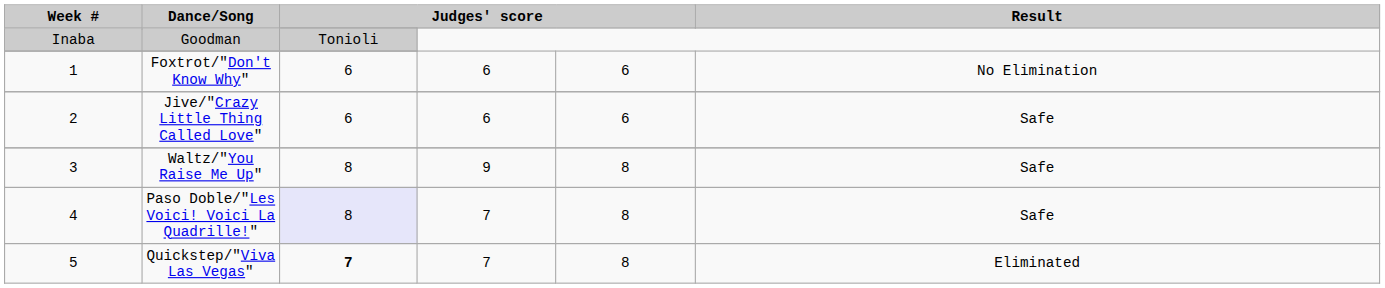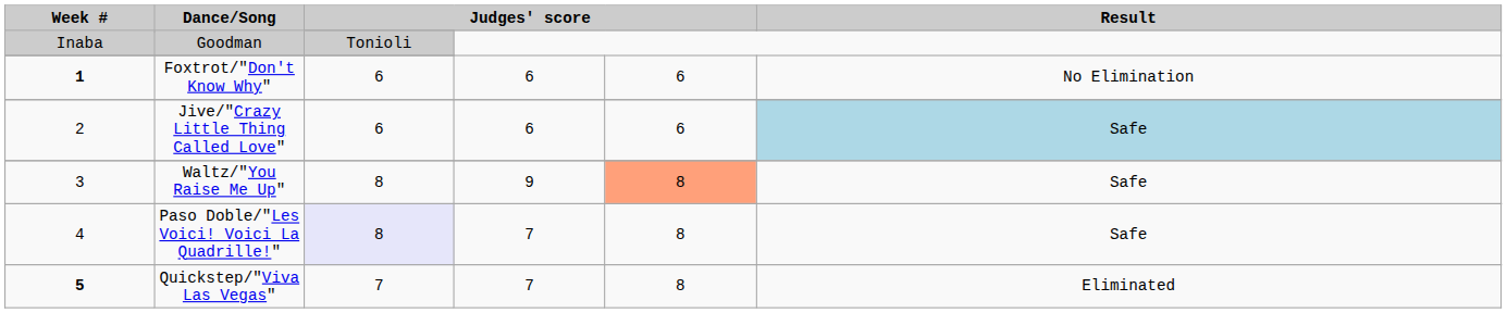 <table class="wikitable" align="left">
 <tr>
 <td rowspan="2" bgcolor="CCCCCC" align="Center"><strong>Week #</strong></td>
 <td rowspan="2" bgcolor="CCCCCC" align="Center"><strong>Dance/Song</strong></td>
 <td colspan="3" bgcolor="CCCCCC" align="Center"><strong>Judges' score</strong></td>
 <td rowspan="2" bgcolor="CCCCCC" align="Center"><strong>Result</strong></td>
 </tr>
 <tr>
 </tr>
 <tr>
 <td bgcolor="CCCCCC" width="10%" align="center">Inaba</td>
 <td bgcolor="CCCCCC" width="10%" align="center">Goodman</td>
 <td bgcolor="CCCCCC" width="10%" align="center">Tonioli</td>
 </tr>
 <tr>
 </tr>
 <tr>
-<td align="center">1</td>
+<td align="center"><strong>1</strong></td>
 <td align="center">Foxtrot/"<a href='#'>Don't Know Why</a>"</td>
 <td align="center">6</td>
 <td align="center">6</td>
 <td align="center">6</td>
 <td align="center">No Elimination</td>
 </tr>
 <tr>
 </tr>
 <tr>
 <td align="center">2</td>
 <td align="center">Jive/"<a href='#'>Crazy Little Thing Called Love</a>"</td>
 <td align="center">6</td>
 <td align="center">6</td>
 <td align="center">6</td>
-<td align="center">Safe</td>
+<td align="center" style="background: lightblue;">Safe</td>
 </tr>
 <tr>
 </tr>
 <tr>
 <td align="center">3</td>
 <td align="center">Waltz/"<a href='#'>You Raise Me Up</a>"</td>
 <td align="center">8</td>
 <td align="center">9</td>
-<td align="center">8</td>
+<td align="center" style="background: lightsalmon;">8</td>
 <td align="center">Safe</td>
 </tr>
 <tr>
 </tr>
 <tr>
 <td align="center">4</td>
 <td align="center">Paso Doble/"<a href='#'>Les Voici! Voici La Quadrille!</a>"</td>
 <td align="center" style="background: lavender;">8</td>
 <td align="center">7</td>
 <td align="center">8</td>
 <td align="center">Safe</td>
 </tr>
 <tr>
 </tr>
 <tr>
-<td align="center">5</td>
+<td align="center"><strong>5</strong></td>
 <td align="center">Quickstep/"<a href='#'>Viva Las Vegas</a>"</td>
-<td align="center"><strong>7</strong></td>
+<td align="center">7</td>
 <td align="center">7</td>
 <td align="center">8</td>
 <td align="center">Eliminated</td>
 </tr>
 </table>
